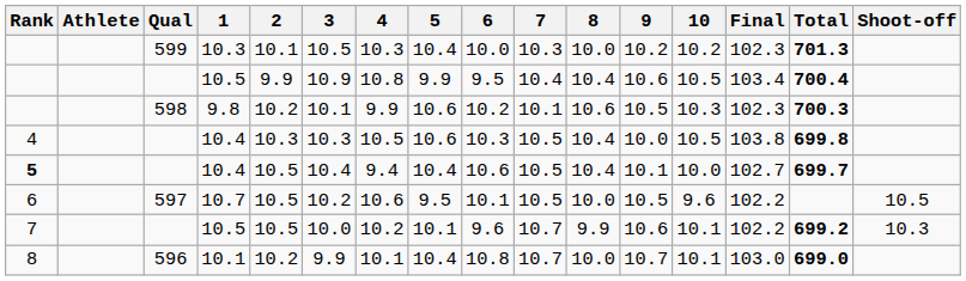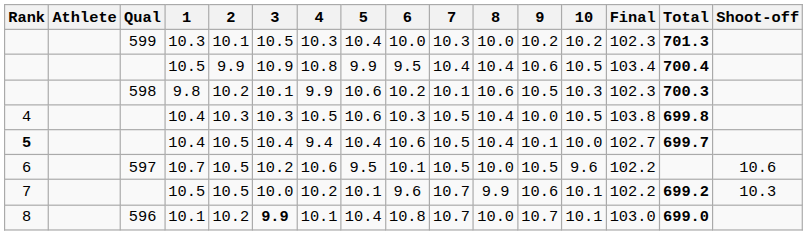 <table class="wikitable sortable" style="text-align: center">
 <tr>
 <th>Rank</th>
 <th>Athlete</th>
 <th>Qual</th>
 <th class="unsortable" style="width: 28px">1</th>
 <th class="unsortable" style="width: 28px">2</th>
 <th class="unsortable" style="width: 28px">3</th>
 <th class="unsortable" style="width: 28px">4</th>
 <th class="unsortable" style="width: 28px">5</th>
 <th class="unsortable" style="width: 28px">6</th>
 <th class="unsortable" style="width: 28px">7</th>
 <th class="unsortable" style="width: 28px">8</th>
 <th class="unsortable" style="width: 28px">9</th>
 <th class="unsortable" style="width: 28px">10</th>
 <th>Final</th>
 <th>Total</th>
 <th class="unsortable">Shoot-off</th>
 </tr>
 <tr>
 <td></td>
 <td align=left></td>
 <td>599</td>
 <td>10.3</td>
 <td>10.1</td>
 <td>10.5</td>
 <td>10.3</td>
 <td>10.4</td>
 <td>10.0</td>
 <td>10.3</td>
 <td>10.0</td>
 <td>10.2</td>
 <td>10.2</td>
 <td>102.3</td>
 <td><strong>701.3</strong></td>
 <td></td>
 </tr>
 <tr>
 <td></td>
 <td align=left></td>
 <td></td>
 <td>10.5</td>
 <td>9.9</td>
 <td>10.9</td>
 <td>10.8</td>
 <td>9.9</td>
 <td>9.5</td>
 <td>10.4</td>
 <td>10.4</td>
 <td>10.6</td>
 <td>10.5</td>
 <td>103.4</td>
 <td><strong>700.4</strong></td>
 <td></td>
 </tr>
 <tr>
 <td></td>
 <td align=left></td>
 <td>598</td>
 <td>9.8</td>
 <td>10.2</td>
 <td>10.1</td>
 <td>9.9</td>
 <td>10.6</td>
 <td>10.2</td>
 <td>10.1</td>
 <td>10.6</td>
 <td>10.5</td>
 <td>10.3</td>
 <td>102.3</td>
 <td><strong>700.3</strong></td>
 <td></td>
 </tr>
 <tr>
 <td>4</td>
 <td align=left></td>
 <td></td>
 <td>10.4</td>
 <td>10.3</td>
 <td>10.3</td>
 <td>10.5</td>
 <td>10.6</td>
 <td>10.3</td>
 <td>10.5</td>
 <td>10.4</td>
 <td>10.0</td>
 <td>10.5</td>
 <td>103.8</td>
 <td><strong>699.8</strong></td>
 <td></td>
 </tr>
 <tr>
 <td><strong>5</strong></td>
 <td align=left></td>
 <td></td>
 <td>10.4</td>
 <td>10.5</td>
 <td>10.4</td>
 <td>9.4</td>
 <td>10.4</td>
 <td>10.6</td>
 <td>10.5</td>
 <td>10.4</td>
 <td>10.1</td>
 <td>10.0</td>
 <td>102.7</td>
 <td><strong>699.7</strong></td>
 <td></td>
 </tr>
 <tr>
 <td>6</td>
 <td align=left></td>
 <td>597</td>
 <td>10.7</td>
 <td>10.5</td>
 <td>10.2</td>
 <td>10.6</td>
 <td>9.5</td>
 <td>10.1</td>
 <td>10.5</td>
 <td>10.0</td>
 <td>10.5</td>
 <td>9.6</td>
 <td>102.2</td>
 <td></td>
-<td>10.5</td>
+<td>10.6</td>
 </tr>
 <tr>
 <td>7</td>
 <td align=left></td>
 <td></td>
 <td>10.5</td>
 <td>10.5</td>
 <td>10.0</td>
 <td>10.2</td>
 <td>10.1</td>
 <td>9.6</td>
 <td>10.7</td>
 <td>9.9</td>
 <td>10.6</td>
 <td>10.1</td>
 <td>102.2</td>
 <td><strong>699.2</strong></td>
 <td>10.3</td>
 </tr>
 <tr>
 <td>8</td>
 <td align=left></td>
 <td>596</td>
 <td>10.1</td>
 <td>10.2</td>
-<td>9.9</td>
+<td><strong>9.9</strong></td>
 <td>10.1</td>
 <td>10.4</td>
 <td>10.8</td>
 <td>10.7</td>
 <td>10.0</td>
 <td>10.7</td>
 <td>10.1</td>
 <td>103.0</td>
 <td><strong>699.0</strong></td>
 <td></td>
 </tr>
 </table>
